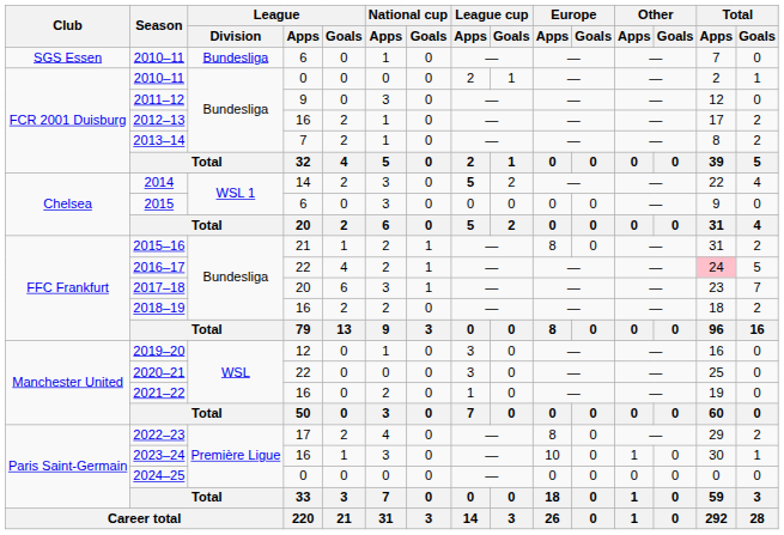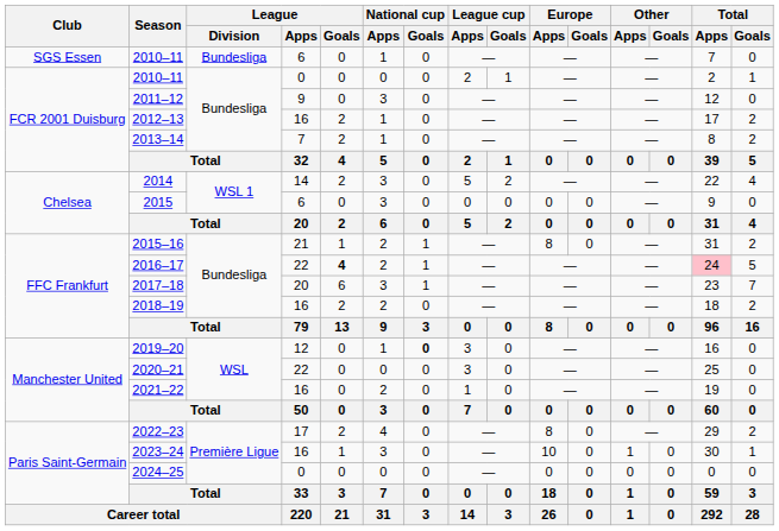 <table class="wikitable" style="text-align:center">
 <tr>
 <th rowspan="2">Club</th>
 <th rowspan="2">Season</th>
 <th colspan="3">League</th>
 <th colspan="2">National cup</th>
 <th colspan="2">League cup</th>
 <th colspan="2">Europe</th>
 <th colspan="2">Other </th>
 <th colspan="2">Total</th>
 </tr>
 <tr>
 <th>Division</th>
 <th>Apps</th>
 <th>Goals</th>
 <th>Apps</th>
 <th>Goals</th>
 <th>Apps</th>
 <th>Goals</th>
 <th>Apps</th>
 <th>Goals</th>
 <th>Apps</th>
 <th>Goals</th>
 <th>Apps</th>
 <th>Goals</th>
 </tr>
 <tr>
 <td><a href='#'>SGS Essen</a></td>
 <td><a href='#'>2010–11</a></td>
 <td><a href='#'>Bundesliga</a></td>
 <td>6</td>
 <td>0</td>
 <td>1</td>
 <td>0</td>
 <td colspan="2">—</td>
 <td colspan="2">—</td>
 <td colspan="2">—</td>
 <td>7</td>
 <td>0</td>
 </tr>
 <tr>
 <td rowspan="5"><a href='#'>FCR 2001 Duisburg</a></td>
 <td><a href='#'>2010–11</a></td>
 <td rowspan="4">Bundesliga</td>
 <td>0</td>
 <td>0</td>
 <td>0</td>
 <td>0</td>
 <td>2</td>
 <td>1</td>
 <td colspan="2">—</td>
 <td colspan="2">—</td>
 <td>2</td>
 <td>1</td>
 </tr>
 <tr>
 <td><a href='#'>2011–12</a></td>
 <td>9</td>
 <td>0</td>
 <td>3</td>
 <td>0</td>
 <td colspan="2">—</td>
 <td colspan="2">—</td>
 <td colspan="2">—</td>
 <td>12</td>
 <td>0</td>
 </tr>
 <tr>
 <td><a href='#'>2012–13</a></td>
 <td>16</td>
 <td>2</td>
 <td>1</td>
 <td>0</td>
 <td colspan="2">—</td>
 <td colspan="2">—</td>
 <td colspan="2">—</td>
 <td>17</td>
 <td>2</td>
 </tr>
 <tr>
 <td><a href='#'>2013–14</a></td>
 <td>7</td>
 <td>2</td>
 <td>1</td>
 <td>0</td>
 <td colspan="2">—</td>
 <td colspan="2">—</td>
 <td colspan="2">—</td>
 <td>8</td>
 <td>2</td>
 </tr>
 <tr>
 <th colspan="2">Total</th>
 <th>32</th>
 <th>4</th>
 <th>5</th>
 <th>0</th>
 <th>2</th>
 <th>1</th>
 <th>0</th>
 <th>0</th>
 <th>0</th>
 <th>0</th>
 <th>39</th>
 <th>5</th>
 </tr>
 <tr>
 <td rowspan="3"><a href='#'>Chelsea</a></td>
 <td><a href='#'>2014</a></td>
 <td rowspan="2"><a href='#'>WSL 1</a></td>
 <td>14</td>
 <td>2</td>
 <td>3</td>
 <td>0</td>
-<td><strong>5</strong></td>
+<td>5</td>
 <td>2</td>
 <td colspan="2">—</td>
 <td colspan="2">—</td>
 <td>22</td>
 <td>4</td>
 </tr>
 <tr>
 <td><a href='#'>2015</a></td>
 <td>6</td>
 <td>0</td>
 <td>3</td>
 <td>0</td>
 <td>0</td>
 <td>0</td>
 <td>0</td>
 <td>0</td>
 <td colspan="2">—</td>
 <td>9</td>
 <td>0</td>
 </tr>
 <tr>
 <th colspan="2">Total</th>
 <th>20</th>
 <th>2</th>
 <th>6</th>
 <th>0</th>
 <th>5</th>
 <th>2</th>
 <th>0</th>
 <th>0</th>
 <th>0</th>
 <th>0</th>
 <th>31</th>
 <th>4</th>
 </tr>
 <tr>
 <td rowspan="5"><a href='#'>FFC Frankfurt</a></td>
 <td><a href='#'>2015–16</a></td>
 <td rowspan="4">Bundesliga</td>
 <td>21</td>
 <td>1</td>
 <td>2</td>
 <td>1</td>
 <td colspan="2">—</td>
 <td>8</td>
 <td>0</td>
 <td colspan="2">—</td>
 <td>31</td>
 <td>2</td>
 </tr>
 <tr>
 <td><a href='#'>2016–17</a></td>
 <td>22</td>
-<td>4</td>
+<td><strong>4</strong></td>
 <td>2</td>
 <td>1</td>
 <td colspan="2">—</td>
 <td colspan="2">—</td>
 <td colspan="2">—</td>
 <td style="background: pink;">24</td>
 <td>5</td>
 </tr>
 <tr>
 <td><a href='#'>2017–18</a></td>
 <td>20</td>
 <td>6</td>
 <td>3</td>
 <td>1</td>
 <td colspan="2">—</td>
 <td colspan="2">—</td>
 <td colspan="2">—</td>
 <td>23</td>
 <td>7</td>
 </tr>
 <tr>
 <td><a href='#'>2018–19</a></td>
 <td>16</td>
 <td>2</td>
 <td>2</td>
 <td>0</td>
 <td colspan="2">—</td>
 <td colspan="2">—</td>
 <td colspan="2">—</td>
 <td>18</td>
 <td>2</td>
 </tr>
 <tr>
 <th colspan="2">Total</th>
 <th>79</th>
 <th>13</th>
 <th>9</th>
 <th>3</th>
 <th>0</th>
 <th>0</th>
 <th>8</th>
 <th>0</th>
 <th>0</th>
 <th>0</th>
 <th>96</th>
 <th>16</th>
 </tr>
 <tr>
 <td rowspan="4"><a href='#'>Manchester United</a></td>
 <td><a href='#'>2019–20</a></td>
 <td rowspan="3"><a href='#'>WSL</a></td>
 <td>12</td>
 <td>0</td>
 <td>1</td>
-<td>0</td>
+<td><strong>0</strong></td>
 <td>3</td>
 <td>0</td>
 <td colspan="2">—</td>
 <td colspan="2">—</td>
 <td>16</td>
 <td>0</td>
 </tr>
 <tr>
 <td><a href='#'>2020–21</a></td>
 <td>22</td>
 <td>0</td>
 <td>0</td>
 <td>0</td>
 <td>3</td>
 <td>0</td>
 <td colspan=2>—</td>
 <td colspan="2">—</td>
 <td>25</td>
 <td>0</td>
 </tr>
 <tr>
 <td><a href='#'>2021–22</a></td>
 <td>16</td>
 <td>0</td>
 <td>2</td>
 <td>0</td>
 <td>1</td>
 <td>0</td>
 <td colspan=2>—</td>
 <td colspan="2">—</td>
 <td>19</td>
 <td>0</td>
 </tr>
 <tr>
 <th colspan="2">Total</th>
 <th>50</th>
 <th>0</th>
 <th>3</th>
 <th>0</th>
 <th>7</th>
 <th>0</th>
 <th>0</th>
 <th>0</th>
 <th>0</th>
 <th>0</th>
 <th>60</th>
 <th>0</th>
 </tr>
 <tr>
 <td rowspan="4"><a href='#'>Paris Saint-Germain</a></td>
 <td><a href='#'>2022–23</a></td>
 <td rowspan="3"><a href='#'>Première Ligue</a></td>
 <td>17</td>
 <td>2</td>
 <td>4</td>
 <td>0</td>
 <td colspan=2>—</td>
 <td>8</td>
 <td>0</td>
 <td colspan="2">—</td>
 <td>29</td>
 <td>2</td>
 </tr>
 <tr>
 <td><a href='#'>2023–24</a></td>
 <td>16</td>
 <td>1</td>
 <td>3</td>
 <td>0</td>
 <td colspan=2>—</td>
 <td>10</td>
 <td>0</td>
 <td>1</td>
 <td>0</td>
 <td>30</td>
 <td>1</td>
 </tr>
 <tr>
 <td><a href='#'>2024–25</a></td>
 <td>0</td>
 <td>0</td>
 <td>0</td>
 <td>0</td>
 <td colspan=2>—</td>
 <td>0</td>
 <td>0</td>
 <td>0</td>
 <td>0</td>
 <td>0</td>
 <td>0</td>
 </tr>
 <tr>
 <th colspan="2">Total</th>
 <th>33</th>
 <th>3</th>
 <th>7</th>
 <th>0</th>
 <th>0</th>
 <th>0</th>
 <th>18</th>
 <th>0</th>
 <th>1</th>
 <th>0</th>
 <th>59</th>
 <th>3</th>
 </tr>
 <tr>
 <th colspan="3">Career total</th>
 <th>220</th>
 <th>21</th>
 <th>31</th>
 <th>3</th>
 <th>14</th>
 <th>3</th>
 <th>26</th>
 <th>0</th>
 <th>1</th>
 <th>0</th>
 <th>292</th>
 <th>28</th>
 </tr>
 </table>
